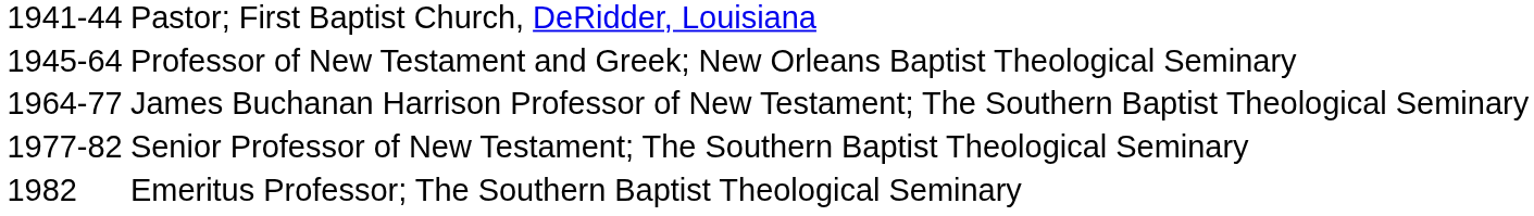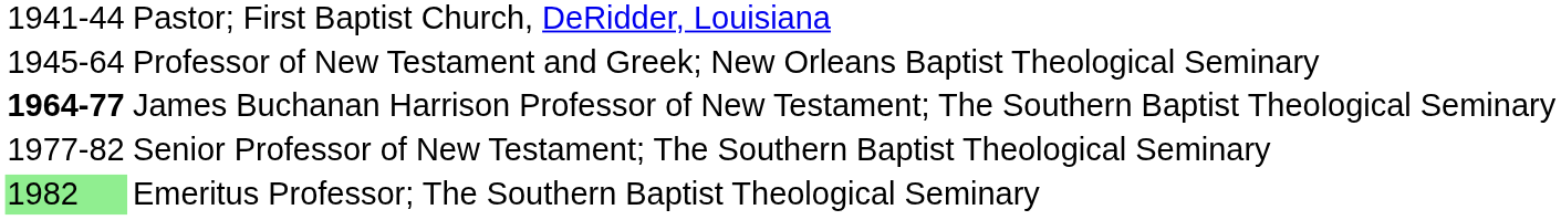 <table>
 <tr>
 <td>1941-44</td>
 <td>Pastor; First Baptist Church, <a href='#'>DeRidder, Louisiana</a></td>
 </tr>
 <tr>
 <td>1945-64</td>
 <td>Professor of New Testament and Greek; New Orleans Baptist Theological Seminary</td>
 </tr>
 <tr>
-<td>1964-77</td>
+<td><strong>1964-77</strong></td>
 <td>James Buchanan Harrison Professor of New Testament; The Southern Baptist Theological Seminary</td>
 </tr>
 <tr>
 <td>1977-82</td>
 <td>Senior Professor of New Testament; The Southern Baptist Theological Seminary</td>
 </tr>
 <tr>
-<td>1982</td>
+<td style="background: lightgreen;">1982</td>
 <td>Emeritus Professor; The Southern Baptist Theological Seminary</td>
 </tr>
 <tr>
 </tr>
 </table>
